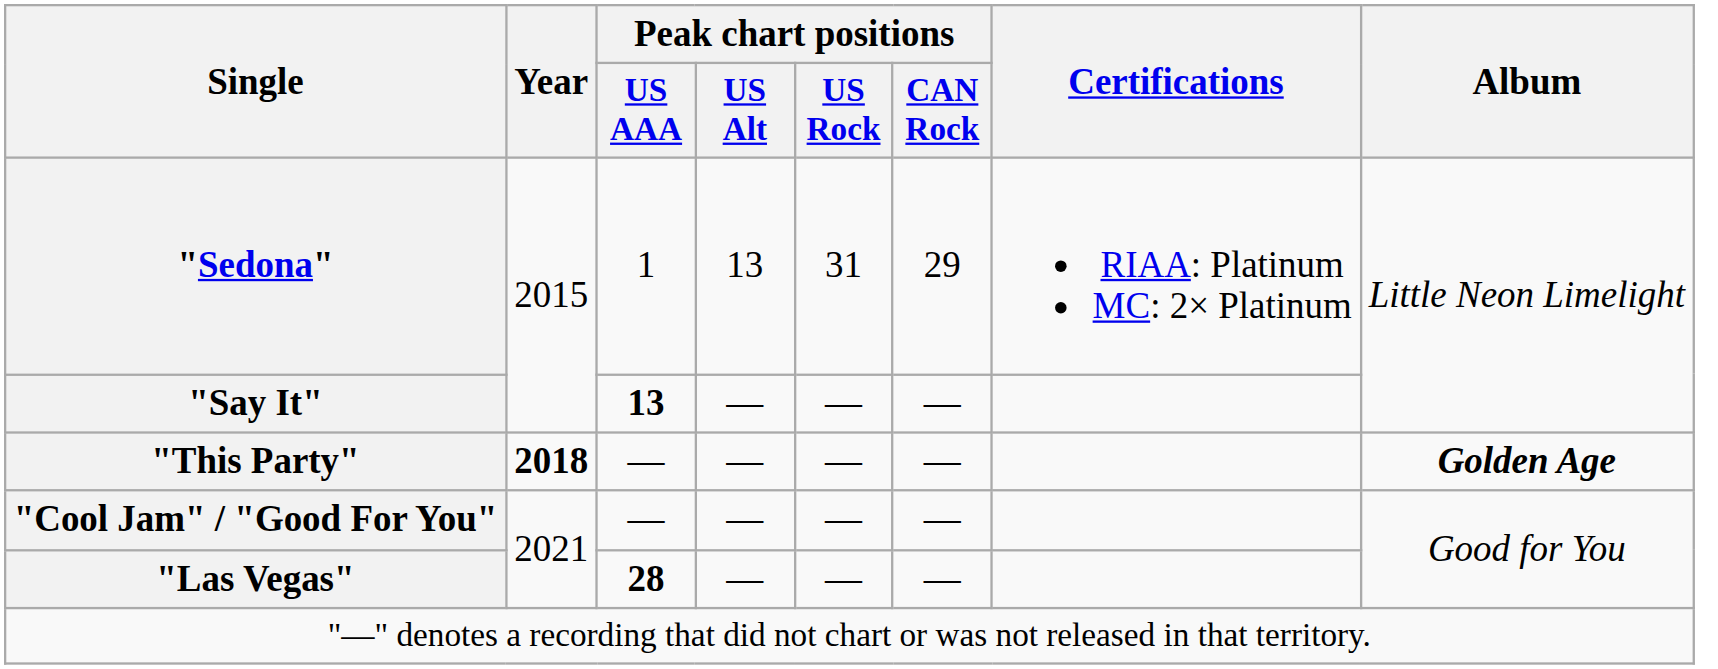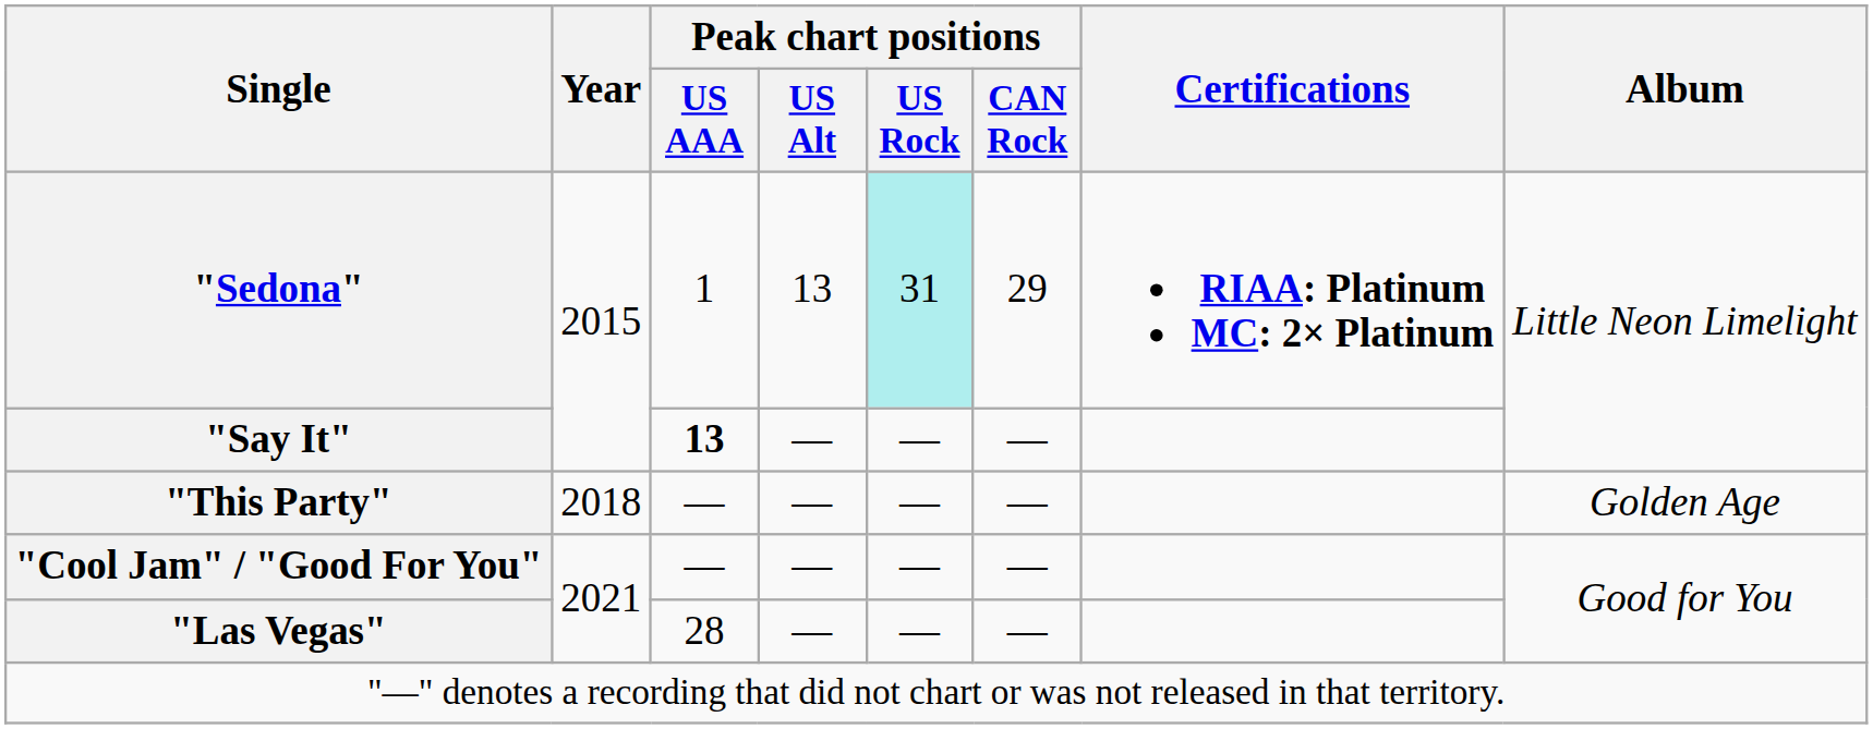 <table class="wikitable plainrowheaders" style="text-align:center;">
 <tr>
 <th scope="col" rowspan="2">Single</th>
 <th scope="col" rowspan="2">Year</th>
 <th scope="col" colspan="4">Peak chart positions</th>
 <th scope="col" rowspan="2"><a href='#'>Certifications</a></th>
 <th scope="col" rowspan="2">Album</th>
 </tr>
 <tr>
 <th scope="col" style="width:2.5em;font-size:90%;"><a href='#'>US<br>AAA</a><br></th>
 <th scope="col" style="width:2.5em;font-size:90%;"><a href='#'>US<br>Alt</a><br></th>
 <th scope="col" style="width:2.5em;font-size:90%;"><a href='#'>US<br>Rock</a><br></th>
 <th scope="col" style="width:2.5em;font-size:90%;"><a href='#'>CAN<br>Rock</a><br></th>
 </tr>
 <tr>
 <th scope="row">"<a href='#'>Sedona</a>"</th>
 <td rowspan="2">2015</td>
 <td>1</td>
 <td>13</td>
-<td>31</td>
+<td style="background: paleturquoise;">31</td>
 <td>29</td>
-<td><br><ul><li><a href='#'>RIAA</a>: Platinum</li><li><a href='#'>MC</a>: 2× Platinum</li></ul></td>
+<td><strong><br><ul><li><a href='#'>RIAA</a>: Platinum</li><li><a href='#'>MC</a>: 2× Platinum</li></ul></strong></td>
 <td rowspan="2"><em>Little Neon Limelight</em></td>
 </tr>
 <tr>
 <th scope="row">"Say It"</th>
 <td><strong>13</strong></td>
 <td>—</td>
 <td>—</td>
 <td>—</td>
 <td></td>
 </tr>
 <tr>
 <th scope="row">"This Party"</th>
-<td><strong>2018</strong></td>
+<td>2018</td>
 <td>—</td>
 <td>—</td>
 <td>—</td>
 <td>—</td>
 <td></td>
-<td><strong><em>Golden Age</em></strong></td>
+<td><em>Golden Age</em></td>
 </tr>
 <tr>
 <th scope="row">"Cool Jam" / "Good For You"</th>
 <td rowspan="2">2021</td>
 <td>—</td>
 <td>—</td>
 <td>—</td>
 <td>—</td>
 <td></td>
 <td rowspan="2"><em>Good for You</em></td>
 </tr>
 <tr>
 <th scope="row">"Las Vegas"</th>
-<td><strong>28</strong></td>
+<td>28</td>
 <td>—</td>
 <td>—</td>
 <td>—</td>
 <td></td>
 </tr>
 <tr>
 <td colspan="10" style="font-size:90%">"—" denotes a recording that did not chart or was not released in that territory.</td>
 </tr>
 </table>
